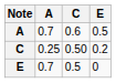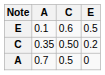 <table class="wikitable" style="float: left">
 <tr>
 <th>Note</th>
 <th>A</th>
 <th>C</th>
 <th>E</th>
 </tr>
 <tr>
-<th>A</th>
-<td>0.7</td>
+<th>E</th>
+<td>0.1</td>
 <td>0.6</td>
 <td>0.5</td>
 </tr>
 <tr>
 <th>C</th>
-<td>0.25</td>
+<td>0.35</td>
 <td>0.50</td>
 <td>0.2</td>
 </tr>
 <tr>
-<th>E</th>
+<th>A</th>
 <td>0.7</td>
 <td>0.5</td>
 <td>0</td>
 </tr>
 </table>
